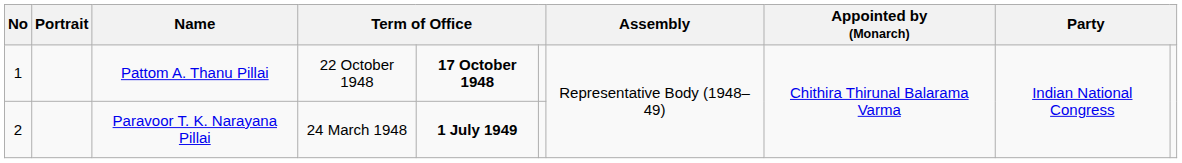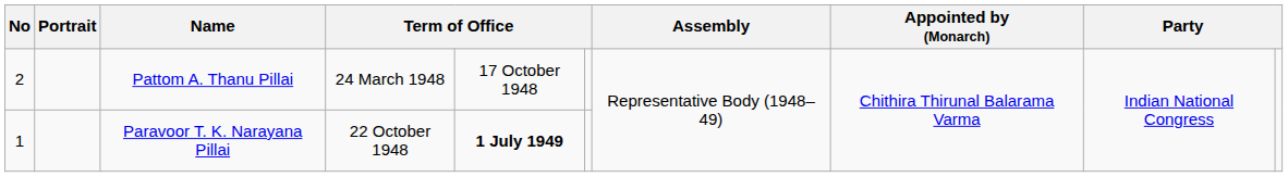 <table class="wikitable" style=text-align:center>
 <tr>
 <th>No</th>
 <th>Portrait</th>
 <th>Name</th>
 <th colspan="3">Term of Office</th>
 <th>Assembly</th>
 <th>Appointed by<br><small>(Monarch)</small></th>
 <th colspan="2">Party</th>
 </tr>
 <tr style="height: 60px;">
-<td>1</td>
+<td>2</td>
 <td></td>
 <td><a href='#'>Pattom A. Thanu Pillai</a></td>
-<td>22 October 1948</td>
-<td><strong>17 October 1948</strong></td>
+<td>24 March 1948</td>
+<td>17 October 1948</td>
 <td></td>
 <td rowspan="2">Representative Body (1948–49)</td>
 <td rowspan="2"><a href='#'>Chithira Thirunal Balarama Varma</a></td>
 <td rowspan="2"><a href='#'>Indian National Congress</a></td>
 <td rowspan="2" style="background-color: "></td>
 </tr>
 <tr style="height: 60px;">
-<td>2</td>
+<td>1</td>
 <td></td>
 <td><a href='#'>Paravoor T. K. Narayana Pillai</a></td>
-<td>24 March 1948</td>
+<td>22 October 1948</td>
 <td><strong>1 July 1949</strong></td>
 <td></td>
 </tr>
 </table>
